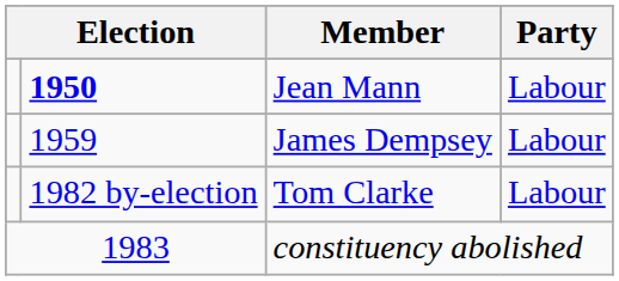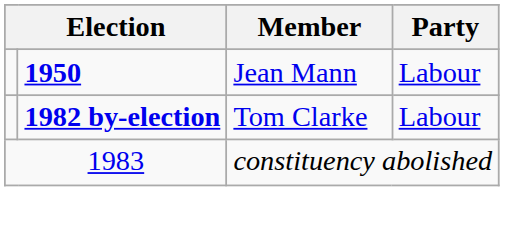 <table class="wikitable">
 <tr>
 <th colspan="2">Election</th>
 <th>Member</th>
 <th>Party</th>
 </tr>
 <tr>
 <td style="color:inherit;background-color: "></td>
 <td><strong><a href='#'>1950</a></strong></td>
 <td><a href='#'>Jean Mann</a></td>
 <td><a href='#'>Labour</a></td>
 </tr>
 <tr>
 <td style="color:inherit;background-color: "></td>
-<td><a href='#'>1959</a></td>
-<td><a href='#'>James Dempsey</a></td>
-<td><a href='#'>Labour</a></td>
-</tr>
-<tr>
-<td style="color:inherit;background-color: "></td>
-<td><a href='#'>1982 by-election</a></td>
+<td><strong><a href='#'>1982 by-election</a></strong></td>
 <td><a href='#'>Tom Clarke</a></td>
 <td><a href='#'>Labour</a></td>
 </tr>
 <tr>
 <td colspan="2" align="center"><a href='#'>1983</a></td>
 <td colspan="2"><em>constituency abolished</em></td>
 </tr>
 </table>
